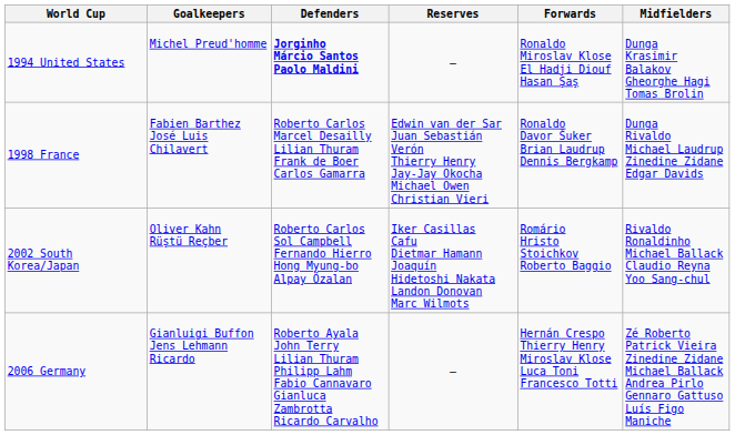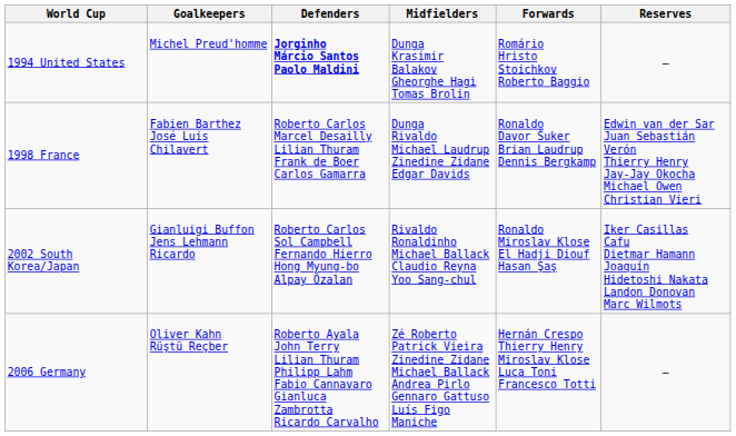 <table class="wikitable">
 <tr>
 <th>World Cup</th>
 <th>Goalkeepers</th>
 <th>Defenders</th>
+<th>Midfielders</th>
+<th>Forwards</th>
 <th>Reserves</th>
-<th>Forwards</th>
-<th>Midfielders</th>
 </tr>
 <tr>
 <td><a href='#'>1994 United States</a></td>
 <td valign=top><br> <a href='#'>Michel Preud'homme</a> <br></td>
 <td valign=top><strong><br> <a href='#'>Jorginho</a> <br>  <a href='#'>Márcio Santos</a> <br>  <a href='#'>Paolo Maldini</a> <br></strong></td>
+<td valign=top><br> <a href='#'>Dunga</a> <br>  <a href='#'>Krasimir Balakov</a> <br>  <a href='#'>Gheorghe Hagi</a> <br>  <a href='#'>Tomas Brolin</a></td>
+<td valign=top><br> <a href='#'>Romário</a> <br>  <a href='#'>Hristo Stoichkov</a> <br>  <a href='#'>Roberto Baggio</a> <br></td>
 <td align="center">—</td>
-<td align=left valign=top><br> <a href='#'>Ronaldo</a> <br>  <a href='#'>Miroslav Klose</a>  <br>  <a href='#'>El Hadji Diouf</a>  <br>  <a href='#'>Hasan Şaş</a></td>
-<td valign=top><br> <a href='#'>Dunga</a> <br>  <a href='#'>Krasimir Balakov</a> <br>  <a href='#'>Gheorghe Hagi</a> <br>  <a href='#'>Tomas Brolin</a></td>
 </tr>
 <tr>
 <td><a href='#'>1998 France</a></td>
 <td align=left valign=top><br> <a href='#'>Fabien Barthez</a> <br>  <a href='#'>José Luis Chilavert</a></td>
 <td align=left valign=top><br> <a href='#'>Roberto Carlos</a> <br>  <a href='#'>Marcel Desailly</a>  <br>  <a href='#'>Lilian Thuram</a>  <br>  <a href='#'>Frank de Boer</a>  <br>  <a href='#'>Carlos Gamarra</a></td>
+<td align=left valign=top><br> <a href='#'>Dunga</a>  <br>  <a href='#'>Rivaldo</a>  <br>  <a href='#'>Michael Laudrup</a> <br>  <a href='#'>Zinedine Zidane</a> <br>  <a href='#'>Edgar Davids</a></td>
+<td align=left valign=top><br> <a href='#'>Ronaldo</a> <br>  <a href='#'>Davor Šuker</a>  <br>  <a href='#'>Brian Laudrup</a>  <br>  <a href='#'>Dennis Bergkamp</a></td>
 <td align=left valign="top"><br> <a href='#'>Edwin van der Sar</a><br> <a href='#'>Juan Sebastián Verón</a><br> <a href='#'>Thierry Henry</a><br> <a href='#'>Jay-Jay Okocha</a><br> <a href='#'>Michael Owen</a><br> <a href='#'>Christian Vieri</a></td>
-<td align=left valign=top><br> <a href='#'>Ronaldo</a> <br>  <a href='#'>Davor Šuker</a>  <br>  <a href='#'>Brian Laudrup</a>  <br>  <a href='#'>Dennis Bergkamp</a></td>
-<td align=left valign=top><br> <a href='#'>Dunga</a>  <br>  <a href='#'>Rivaldo</a>  <br>  <a href='#'>Michael Laudrup</a> <br>  <a href='#'>Zinedine Zidane</a> <br>  <a href='#'>Edgar Davids</a></td>
 </tr>
 <tr>
 <td><a href='#'>2002 South Korea/Japan</a></td>
-<td align=left valign=top><br> <a href='#'>Oliver Kahn</a> <br>  <a href='#'>Rüştü Reçber</a></td>
+<td align=left valign=top><br> <a href='#'>Gianluigi Buffon</a> <br>  <a href='#'>Jens Lehmann</a>  <br>  <a href='#'>Ricardo</a></td>
 <td align=left valign=top><br> <a href='#'>Roberto Carlos</a> <br>  <a href='#'>Sol Campbell</a>  <br>  <a href='#'>Fernando Hierro</a>  <br>  <a href='#'>Hong Myung-bo</a>  <br>  <a href='#'>Alpay Özalan</a></td>
+<td align=left valign=top><br> <a href='#'>Rivaldo</a>  <br>  <a href='#'>Ronaldinho</a>  <br>  <a href='#'>Michael Ballack</a> <br>  <a href='#'>Claudio Reyna</a>  <br>  <a href='#'>Yoo Sang-chul</a></td>
+<td align=left valign=top><br> <a href='#'>Ronaldo</a> <br>  <a href='#'>Miroslav Klose</a>  <br>  <a href='#'>El Hadji Diouf</a>  <br>  <a href='#'>Hasan Şaş</a></td>
 <td align=left valign=top><br> <a href='#'>Iker Casillas</a><br> <a href='#'>Cafu</a><br> <a href='#'>Dietmar Hamann</a><br> <a href='#'>Joaquín</a><br> <a href='#'>Hidetoshi Nakata</a><br> <a href='#'>Landon Donovan</a><br> <a href='#'>Marc Wilmots</a></td>
-<td valign=top><br> <a href='#'>Romário</a> <br>  <a href='#'>Hristo Stoichkov</a> <br>  <a href='#'>Roberto Baggio</a> <br></td>
-<td align=left valign=top><br> <a href='#'>Rivaldo</a>  <br>  <a href='#'>Ronaldinho</a>  <br>  <a href='#'>Michael Ballack</a> <br>  <a href='#'>Claudio Reyna</a>  <br>  <a href='#'>Yoo Sang-chul</a></td>
 </tr>
 <tr>
 <td><a href='#'>2006 Germany</a></td>
-<td align=left valign=top><br> <a href='#'>Gianluigi Buffon</a> <br>  <a href='#'>Jens Lehmann</a>  <br>  <a href='#'>Ricardo</a></td>
+<td align=left valign=top><br> <a href='#'>Oliver Kahn</a> <br>  <a href='#'>Rüştü Reçber</a></td>
 <td align=left valign=top><br> <a href='#'>Roberto Ayala</a> <br>  <a href='#'>John Terry</a>  <br>  <a href='#'>Lilian Thuram</a>  <br>  <a href='#'>Philipp Lahm</a>  <br>  <a href='#'>Fabio Cannavaro</a>  <br>  <a href='#'>Gianluca Zambrotta</a>  <br>  <a href='#'>Ricardo Carvalho</a></td>
+<td align=left valign=top><br> <a href='#'>Zé Roberto</a>  <br>  <a href='#'>Patrick Vieira</a>  <br>  <a href='#'>Zinedine Zidane</a>  <br>  <a href='#'>Michael Ballack</a>  <br>  <a href='#'>Andrea Pirlo</a>  <br>  <a href='#'>Gennaro Gattuso</a>  <br>  <a href='#'>Luís Figo</a>  <br>  <a href='#'>Maniche</a></td>
+<td align=left valign="top"><br> <a href='#'>Hernán Crespo</a> <br>  <a href='#'>Thierry Henry</a>  <br>  <a href='#'>Miroslav Klose</a>  <br>  <a href='#'>Luca Toni</a> <br>  <a href='#'>Francesco Totti</a></td>
 <td align="center">—</td>
-<td align=left valign="top"><br> <a href='#'>Hernán Crespo</a> <br>  <a href='#'>Thierry Henry</a>  <br>  <a href='#'>Miroslav Klose</a>  <br>  <a href='#'>Luca Toni</a> <br>  <a href='#'>Francesco Totti</a></td>
-<td align=left valign=top><br> <a href='#'>Zé Roberto</a>  <br>  <a href='#'>Patrick Vieira</a>  <br>  <a href='#'>Zinedine Zidane</a>  <br>  <a href='#'>Michael Ballack</a>  <br>  <a href='#'>Andrea Pirlo</a>  <br>  <a href='#'>Gennaro Gattuso</a>  <br>  <a href='#'>Luís Figo</a>  <br>  <a href='#'>Maniche</a></td>
 </tr>
 </table>
